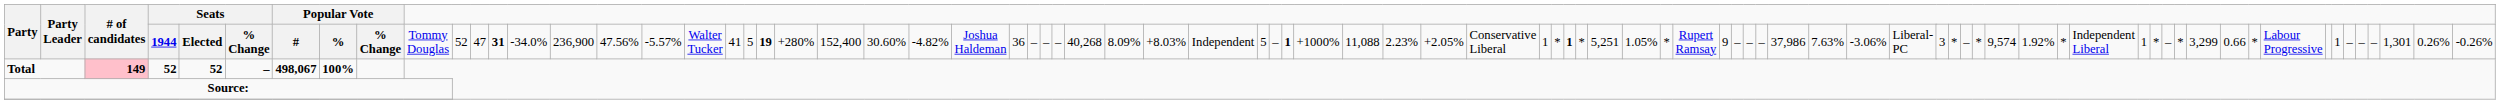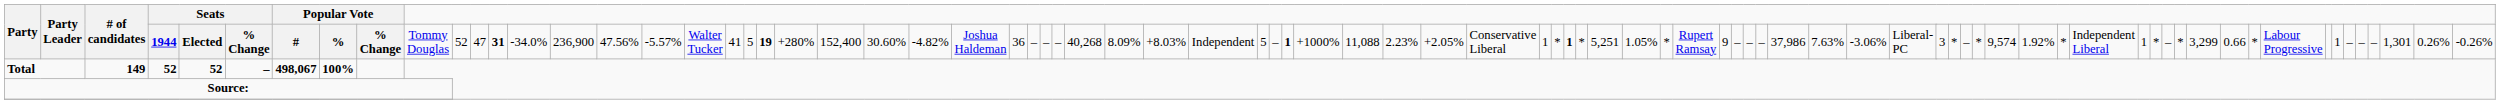 <table class="wikitable">
 <tr>
 <th rowspan=2 colspan=2>Party</th>
 <th rowspan=2>Party Leader</th>
 <th rowspan=2># of<br>candidates</th>
 <th colspan=3>Seats</th>
 <th colspan=3>Popular Vote</th>
 </tr>
 <tr>
 <th><a href='#'>1944</a></th>
 <th>Elected</th>
 <th>% Change</th>
 <th>#</th>
 <th>%</th>
 <th>% Change<br></th>
 <td align="center"><a href='#'>Tommy Douglas</a></td>
 <td align="right">52</td>
 <td align="right">47</td>
 <td align="right"><strong>31</strong></td>
 <td align="right">-34.0%</td>
 <td align="right">236,900</td>
 <td align="right">47.56%</td>
 <td align="right">-5.57%<br></td>
 <td align="center"><a href='#'>Walter Tucker</a></td>
 <td align="right">41</td>
 <td align="right">5</td>
 <td align="right"><strong>19</strong></td>
 <td align="right">+280%</td>
 <td align="right">152,400</td>
 <td align="right">30.60%</td>
 <td align="right">-4.82%<br></td>
 <td align="center"><a href='#'>Joshua Haldeman</a></td>
 <td align="right">36</td>
 <td align="right">–</td>
 <td align="right">–</td>
 <td align="right">–</td>
 <td align="right">40,268</td>
 <td align="right">8.09%</td>
 <td align="right">+8.03%<br></td>
 <td colspan=2>Independent</td>
 <td align="right">5</td>
 <td align="right">–</td>
 <td align="right"><strong>1</strong></td>
 <td align="right">+1000%</td>
 <td align="right">11,088</td>
 <td align="right">2.23%</td>
 <td align="right">+2.05%<br></td>
 <td colspan=2>Conservative Liberal </td>
 <td align="right">1</td>
 <td align="right">*</td>
 <td align="right"><strong>1</strong></td>
 <td align="right">*</td>
 <td align="right">5,251</td>
 <td align="right">1.05%</td>
 <td align="right">*<br></td>
 <td align="center"><a href='#'>Rupert Ramsay</a></td>
 <td align="right">9</td>
 <td align="right">–</td>
 <td align="right">–</td>
 <td align="right">–</td>
 <td align="right">37,986</td>
 <td align="right">7.63%</td>
 <td align="right">-3.06%<br></td>
 <td colspan=2>Liberal-PC</td>
 <td align="right">3</td>
 <td align="right">*</td>
 <td align="right">–</td>
 <td align="right">*</td>
 <td align="right">9,574</td>
 <td align="right">1.92%</td>
 <td align="right">*<br></td>
 <td colspan=2>Independent <a href='#'>Liberal</a></td>
 <td align="right">1</td>
 <td align="right">*</td>
 <td align="right">–</td>
 <td align="right">*</td>
 <td align="right">3,299</td>
 <td align="right">0.66</td>
 <td align="right">*<br></td>
 <td><a href='#'>Labour Progressive</a></td>
 <td align="center"></td>
 <td align="right">1</td>
 <td align="right">–</td>
 <td align="right">–</td>
 <td align="right">–</td>
 <td align="right">1,301</td>
 <td align="right">0.26%</td>
 <td align="right">-0.26%</td>
 </tr>
 <tr>
 <td colspan=3><strong>Total</strong></td>
-<td align="right" style="background: pink;"><strong>149</strong></td>
+<td align="right"><strong>149</strong></td>
 <td align="right"><strong>52</strong></td>
 <td align="right"><strong>52</strong></td>
 <td align="right"><strong>–</strong></td>
 <td align="right"><strong>498,067</strong></td>
 <td align="right"><strong>100%</strong></td>
 <td align="right"> </td>
 </tr>
 <tr>
 <td align="center" colspan=11><strong>Source:</strong> </td>
 </tr>
 <tr>
 </tr>
 </table>
